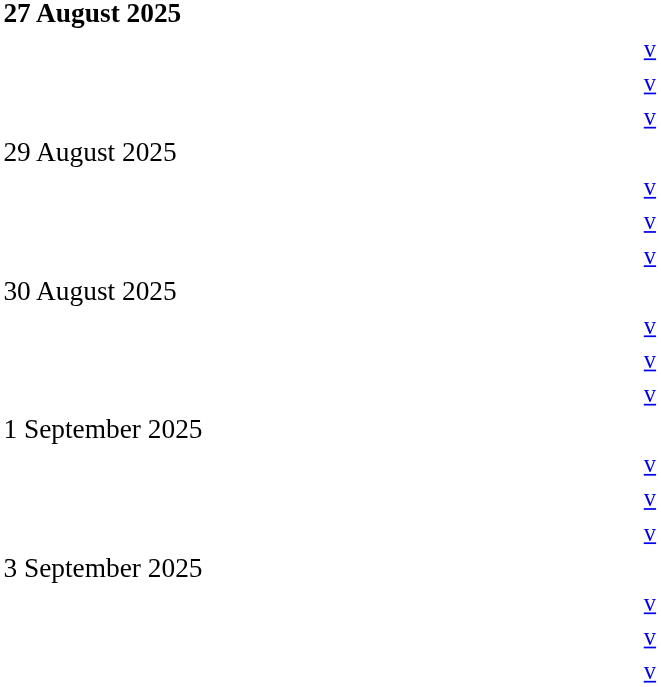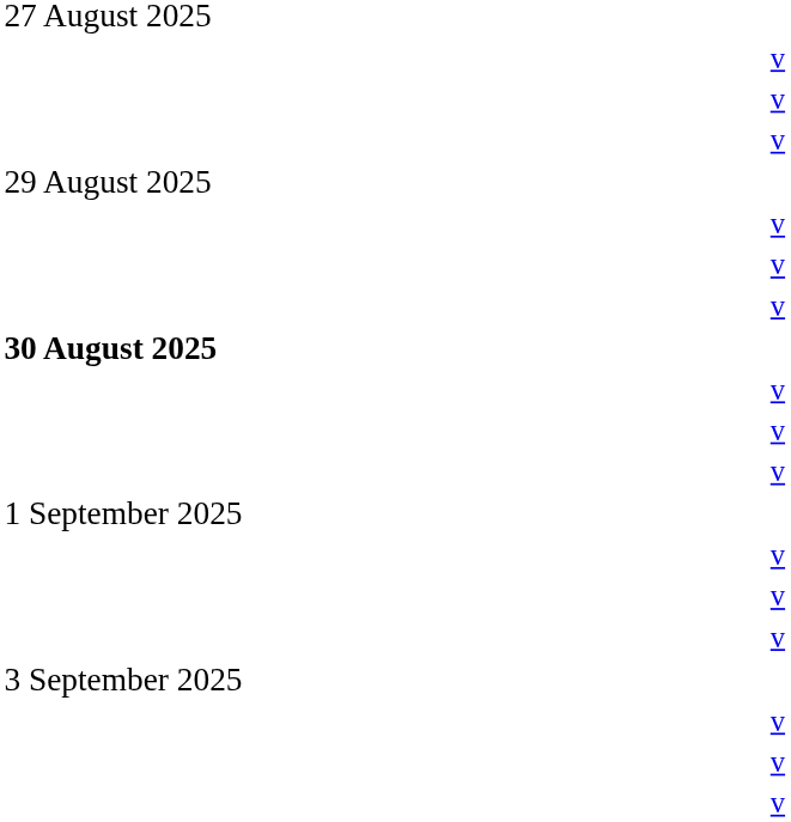 <table style="width:100%;" cellspacing="1">
 <tr>
 <th width=25%></th>
 <th width=2%></th>
 <th width=6%></th>
 <th width=2%></th>
 <th width=25%></th>
 </tr>
 <tr>
-<td><strong>27 August 2025</strong></td>
+<td>27 August 2025</td>
 </tr>
 <tr style=font-size:90%>
 <td align=right></td>
 <td></td>
 <td align=center><a href='#'>v</a></td>
 <td></td>
 <td></td>
 <td></td>
 </tr>
 <tr style=font-size:90%>
 <td align=right></td>
 <td></td>
 <td align=center><a href='#'>v</a></td>
 <td></td>
 <td></td>
 <td></td>
 </tr>
 <tr style=font-size:90%>
 <td align=right></td>
 <td></td>
 <td align=center><a href='#'>v</a></td>
 <td></td>
 <td></td>
 <td></td>
 </tr>
 <tr>
 <td>29 August 2025</td>
 </tr>
 <tr style=font-size:90%>
 <td align=right></td>
 <td></td>
 <td align=center><a href='#'>v</a></td>
 <td></td>
 <td></td>
 <td></td>
 </tr>
 <tr style=font-size:90%>
 <td align=right></td>
 <td></td>
 <td align=center><a href='#'>v</a></td>
 <td></td>
 <td></td>
 <td></td>
 </tr>
 <tr style=font-size:90%>
 <td align=right></td>
 <td></td>
 <td align=center><a href='#'>v</a></td>
 <td></td>
 <td></td>
 <td></td>
 </tr>
 <tr>
-<td>30 August 2025</td>
+<td><strong>30 August 2025</strong></td>
 </tr>
 <tr style=font-size:90%>
 <td align=right></td>
 <td></td>
 <td align=center><a href='#'>v</a></td>
 <td></td>
 <td></td>
 <td></td>
 </tr>
 <tr style=font-size:90%>
 <td align=right></td>
 <td></td>
 <td align=center><a href='#'>v</a></td>
 <td></td>
 <td></td>
 <td></td>
 </tr>
 <tr style=font-size:90%>
 <td align=right></td>
 <td></td>
 <td align=center><a href='#'>v</a></td>
 <td></td>
 <td></td>
 <td></td>
 </tr>
 <tr>
 <td>1 September 2025</td>
 </tr>
 <tr style=font-size:90%>
 <td align=right></td>
 <td></td>
 <td align=center><a href='#'>v</a></td>
 <td></td>
 <td></td>
 <td></td>
 </tr>
 <tr style=font-size:90%>
 <td align=right></td>
 <td></td>
 <td align=center><a href='#'>v</a></td>
 <td></td>
 <td></td>
 <td></td>
 </tr>
 <tr style=font-size:90%>
 <td align=right></td>
 <td></td>
 <td align=center><a href='#'>v</a></td>
 <td></td>
 <td></td>
 <td></td>
 </tr>
 <tr>
 <td>3 September 2025</td>
 </tr>
 <tr style=font-size:90%>
 <td align=right></td>
 <td></td>
 <td align=center><a href='#'>v</a></td>
 <td></td>
 <td></td>
 <td></td>
 </tr>
 <tr style=font-size:90%>
 <td align=right></td>
 <td></td>
 <td align=center><a href='#'>v</a></td>
 <td></td>
 <td></td>
 <td></td>
 </tr>
 <tr style=font-size:90%>
 <td align=right></td>
 <td></td>
 <td align=center><a href='#'>v</a></td>
 <td></td>
 <td></td>
 <td></td>
 </tr>
 </table>
